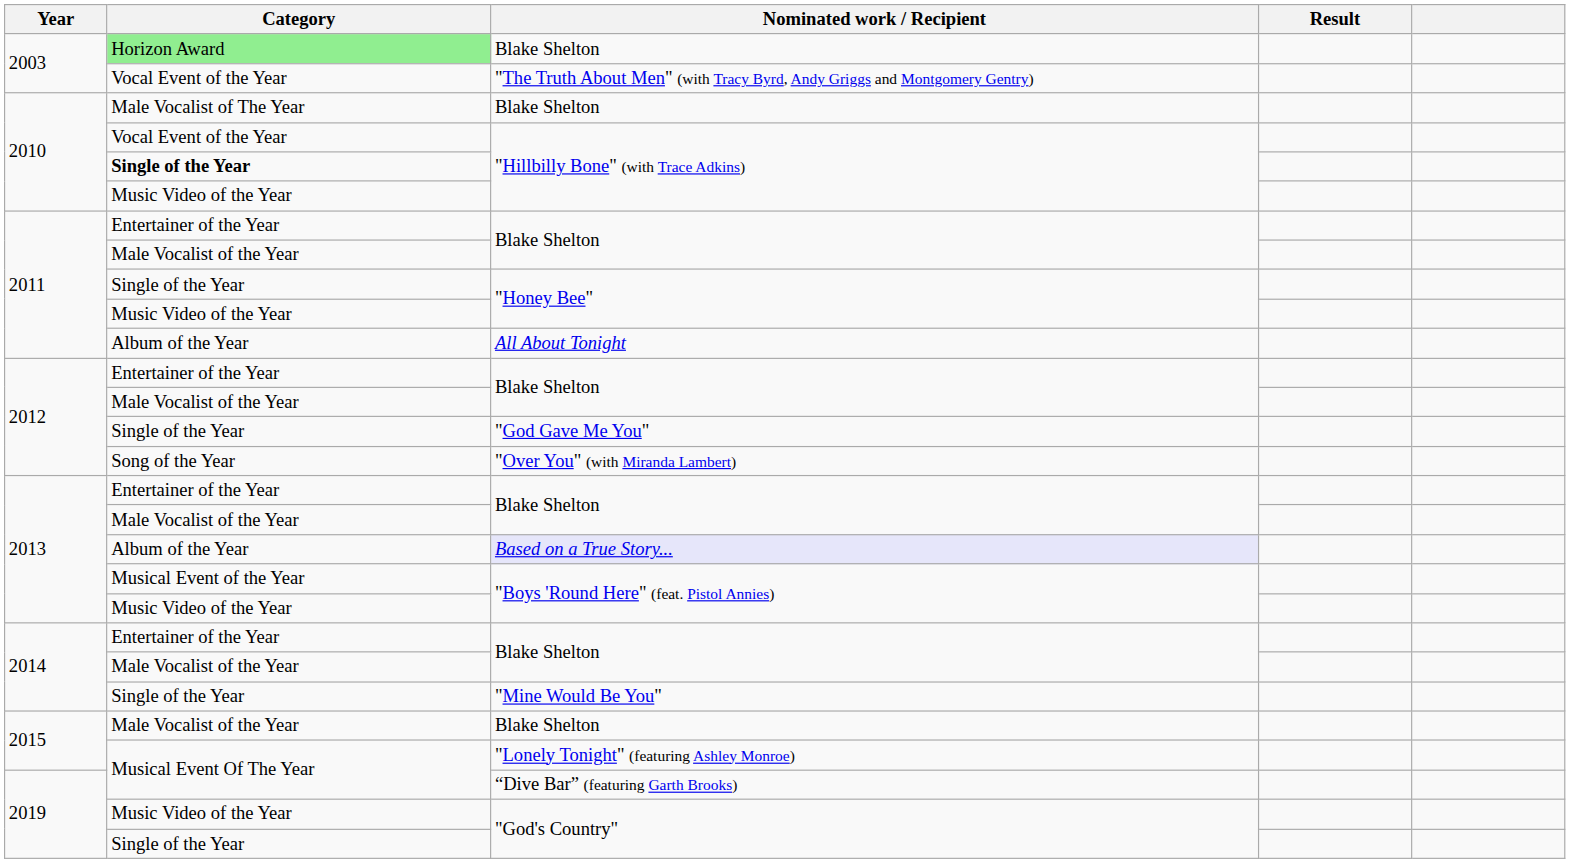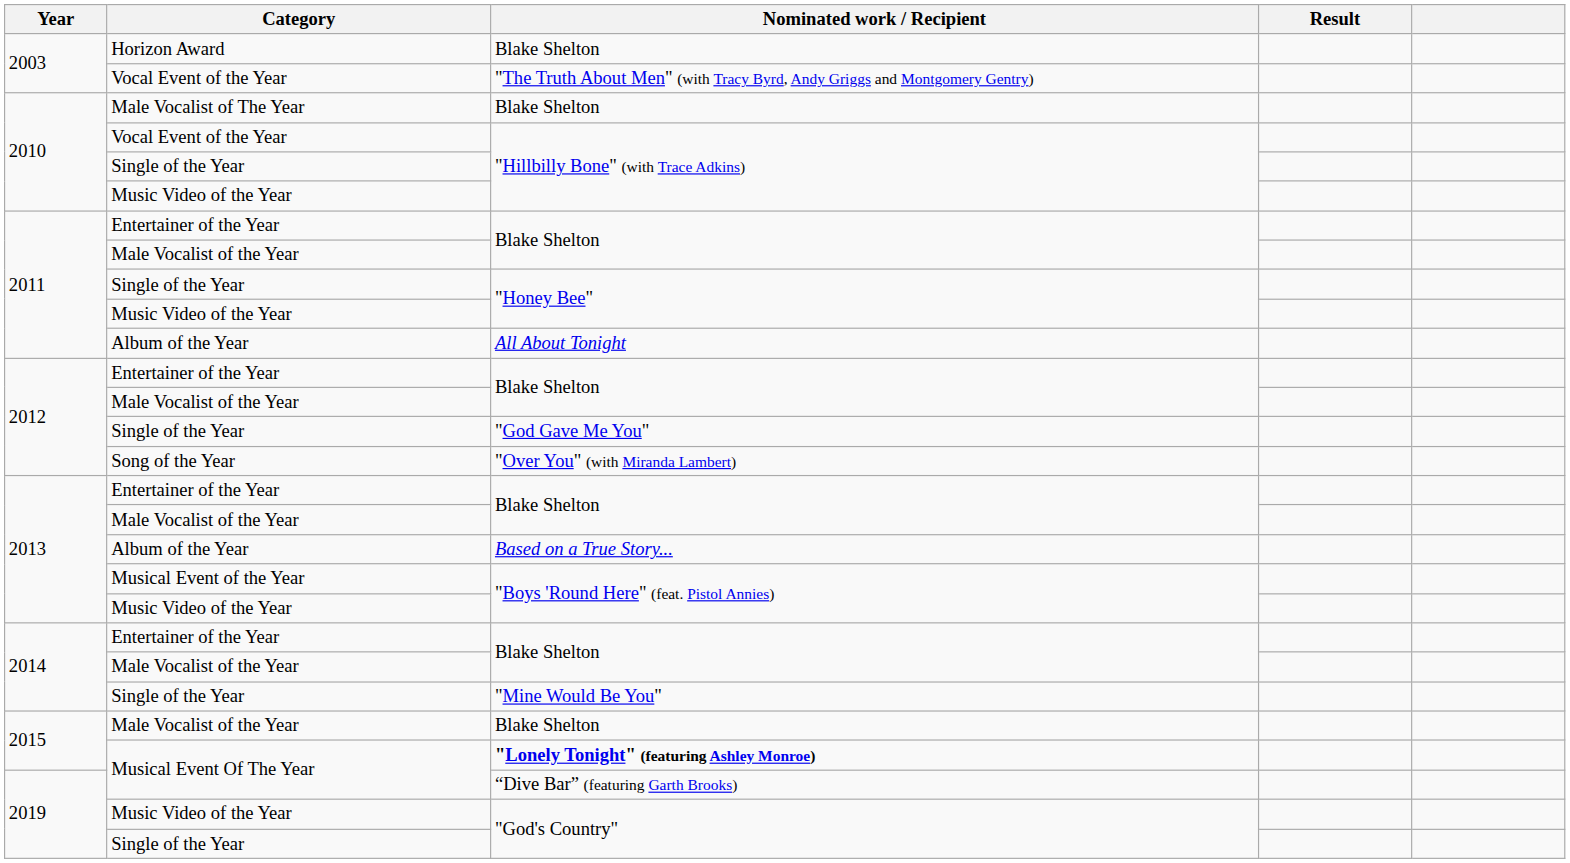 <table class="wikitable plainrowheaders" style="width:85%;">
 <tr>
 <th scope="col" style="width:4%;">Year</th>
 <th scope="col" style="width:15%;">Category</th>
 <th scope="col" style="width:30%;">Nominated work / Recipient</th>
 <th scope="col" style="width:6%;">Result</th>
 <th scope="col" style="width:6%;"></th>
 </tr>
 <tr>
 <td rowspan="2">2003</td>
-<td style="background: lightgreen;">Horizon Award</td>
+<td>Horizon Award</td>
 <td>Blake Shelton</td>
 <td></td>
 <td></td>
 </tr>
 <tr>
 <td>Vocal Event of the Year</td>
 <td>"<a href='#'>The Truth About Men</a>" <small>(with <a href='#'>Tracy Byrd</a>, <a href='#'>Andy Griggs</a> and <a href='#'>Montgomery Gentry</a>)</small></td>
 <td></td>
 <td></td>
 </tr>
 <tr>
 <td rowspan="4">2010</td>
 <td>Male Vocalist of The Year</td>
 <td>Blake Shelton</td>
 <td></td>
 <td></td>
 </tr>
 <tr>
 <td>Vocal Event of the Year</td>
 <td rowspan=3>"<a href='#'>Hillbilly Bone</a>" <small>(with <a href='#'>Trace Adkins</a>)</small></td>
 <td></td>
 <td></td>
 </tr>
 <tr>
-<td><strong>Single of the Year</strong></td>
+<td>Single of the Year</td>
 <td></td>
 <td></td>
 </tr>
 <tr>
 <td>Music Video of the Year</td>
 <td></td>
 <td></td>
 </tr>
 <tr>
 <td rowspan="5">2011</td>
 <td>Entertainer of the Year</td>
 <td rowspan="2">Blake Shelton</td>
 <td></td>
 <td></td>
 </tr>
 <tr>
 <td>Male Vocalist of the Year</td>
 <td></td>
 <td></td>
 </tr>
 <tr>
 <td>Single of the Year</td>
 <td rowspan=2>"<a href='#'>Honey Bee</a>"</td>
 <td></td>
 <td></td>
 </tr>
 <tr>
 <td>Music Video of the Year</td>
 <td></td>
 <td></td>
 </tr>
 <tr>
 <td>Album of the Year</td>
 <td><em><a href='#'>All About Tonight</a></em></td>
 <td></td>
 <td></td>
 </tr>
 <tr>
 <td rowspan="4">2012</td>
 <td>Entertainer of the Year</td>
 <td rowspan="2">Blake Shelton</td>
 <td></td>
 <td></td>
 </tr>
 <tr>
 <td>Male Vocalist of the Year</td>
 <td></td>
 <td></td>
 </tr>
 <tr>
 <td>Single of the Year</td>
 <td>"<a href='#'>God Gave Me You</a>"</td>
 <td></td>
 <td></td>
 </tr>
 <tr>
 <td>Song of the Year</td>
 <td>"<a href='#'>Over You</a>" <small>(with <a href='#'>Miranda Lambert</a>)</small></td>
 <td></td>
 <td></td>
 </tr>
 <tr>
 <td rowspan="5">2013</td>
 <td>Entertainer of the Year</td>
 <td rowspan="2">Blake Shelton</td>
 <td></td>
 <td></td>
 </tr>
 <tr>
 <td>Male Vocalist of the Year</td>
 <td></td>
 <td></td>
 </tr>
 <tr>
 <td>Album of the Year</td>
-<td style="background: lavender;"><em><a href='#'>Based on a True Story...</a></em></td>
+<td><em><a href='#'>Based on a True Story...</a></em></td>
 <td></td>
 <td></td>
 </tr>
 <tr>
 <td>Musical Event of the Year</td>
 <td rowspan="2">"<a href='#'>Boys 'Round Here</a>" <small>(feat. <a href='#'>Pistol Annies</a>)</small></td>
 <td></td>
 <td></td>
 </tr>
 <tr>
 <td>Music Video of the Year</td>
 <td></td>
 <td></td>
 </tr>
 <tr>
 <td rowspan="3">2014</td>
 <td>Entertainer of the Year</td>
 <td rowspan="2">Blake Shelton</td>
 <td></td>
 <td></td>
 </tr>
 <tr>
 <td>Male Vocalist of the Year</td>
 <td></td>
 <td></td>
 </tr>
 <tr>
 <td>Single of the Year</td>
 <td>"<a href='#'>Mine Would Be You</a>"</td>
 <td></td>
 <td></td>
 </tr>
 <tr>
 <td rowspan="2">2015</td>
 <td>Male Vocalist of the Year</td>
 <td>Blake Shelton</td>
 <td></td>
 <td></td>
 </tr>
 <tr>
 <td rowspan=2>Musical Event Of The Year</td>
-<td>"<a href='#'>Lonely Tonight</a>" <small>(featuring <a href='#'>Ashley Monroe</a>)</small></td>
+<td><strong>"<a href='#'>Lonely Tonight</a>" <small>(featuring <a href='#'>Ashley Monroe</a>)</small></strong></td>
 <td></td>
 <td></td>
 </tr>
 <tr>
 <td rowspan="3">2019</td>
 <td>“Dive Bar” <small>(featuring <a href='#'>Garth Brooks</a>)</small></td>
 <td></td>
 <td></td>
 </tr>
 <tr>
 <td>Music Video of the Year</td>
 <td rowspan="2">"God's Country"</td>
 <td></td>
 <td></td>
 </tr>
 <tr>
 <td>Single of the Year</td>
 <td></td>
 <td></td>
 </tr>
 </table>
